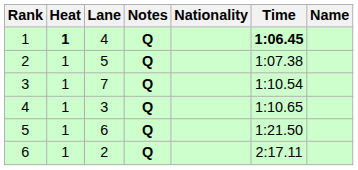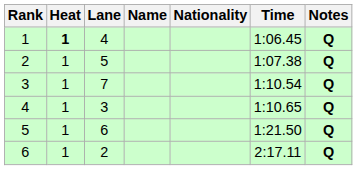 <table class="wikitable sortable" style="text-align:center">
 <tr>
 <th>Rank</th>
 <th>Heat</th>
 <th>Lane</th>
-<th>Notes</th>
+<th>Name</th>
 <th>Nationality</th>
 <th>Time</th>
-<th>Name</th>
+<th>Notes</th>
 </tr>
 <tr bgcolor=ccffcc>
 <td>1</td>
 <td><strong>1</strong></td>
 <td>4</td>
+<td align=left></td>
+<td align=left></td>
+<td>1:06.45</td>
 <td><strong>Q</strong></td>
-<td align=left></td>
-<td><strong>1:06.45</strong></td>
-<td align=left></td>
 </tr>
 <tr bgcolor=ccffcc>
 <td>2</td>
 <td>1</td>
 <td>5</td>
-<td><strong>Q</strong></td>
+<td align=left></td>
 <td align=left></td>
 <td>1:07.38</td>
-<td align=left></td>
+<td><strong>Q</strong></td>
 </tr>
 <tr bgcolor=ccffcc>
 <td>3</td>
 <td>1</td>
 <td>7</td>
-<td><strong>Q</strong></td>
+<td align=left></td>
 <td align=left></td>
 <td>1:10.54</td>
-<td align=left></td>
+<td><strong>Q</strong></td>
 </tr>
 <tr bgcolor=ccffcc>
 <td>4</td>
 <td>1</td>
 <td>3</td>
-<td><strong>Q</strong></td>
+<td align=left></td>
 <td align=left></td>
 <td>1:10.65</td>
-<td align=left></td>
+<td><strong>Q</strong></td>
 </tr>
 <tr bgcolor=ccffcc>
 <td>5</td>
 <td>1</td>
 <td>6</td>
-<td><strong>Q</strong></td>
+<td align=left></td>
 <td align=left></td>
 <td>1:21.50</td>
-<td align=left></td>
+<td><strong>Q</strong></td>
 </tr>
 <tr bgcolor=ccffcc>
 <td>6</td>
 <td>1</td>
 <td>2</td>
-<td><strong>Q</strong></td>
+<td align=left></td>
 <td align=left></td>
 <td>2:17.11</td>
-<td align=left></td>
+<td><strong>Q</strong></td>
 </tr>
 </table>
